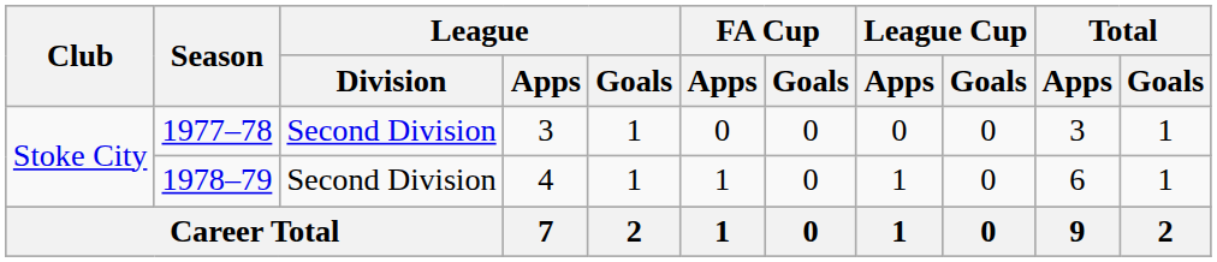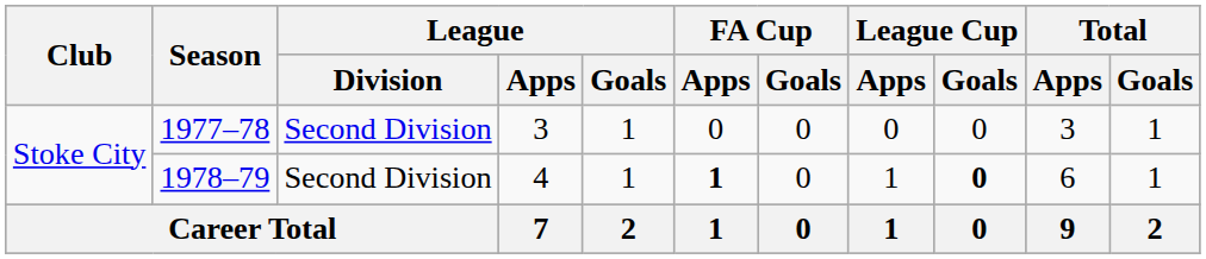 <table class="wikitable" style="text-align: center;">
 <tr>
 <th rowspan="2">Club</th>
 <th rowspan="2">Season</th>
 <th colspan="3">League</th>
 <th colspan="2">FA Cup</th>
 <th colspan="2">League Cup</th>
 <th colspan="2">Total</th>
 </tr>
 <tr>
 <th>Division</th>
 <th>Apps</th>
 <th>Goals</th>
 <th>Apps</th>
 <th>Goals</th>
 <th>Apps</th>
 <th>Goals</th>
 <th>Apps</th>
 <th>Goals</th>
 </tr>
 <tr>
 <td rowspan="2"><a href='#'>Stoke City</a></td>
 <td><a href='#'>1977–78</a></td>
 <td><a href='#'>Second Division</a></td>
 <td>3</td>
 <td>1</td>
 <td>0</td>
 <td>0</td>
 <td>0</td>
 <td>0</td>
 <td>3</td>
 <td>1</td>
 </tr>
 <tr>
 <td><a href='#'>1978–79</a></td>
 <td>Second Division</td>
 <td>4</td>
 <td>1</td>
-<td>1</td>
+<td><strong>1</strong></td>
 <td>0</td>
 <td>1</td>
-<td>0</td>
+<td><strong>0</strong></td>
 <td>6</td>
 <td>1</td>
 </tr>
 <tr>
 <th colspan="3">Career Total</th>
 <th>7</th>
 <th>2</th>
 <th>1</th>
 <th>0</th>
 <th>1</th>
 <th>0</th>
 <th>9</th>
 <th>2</th>
 </tr>
 </table>
